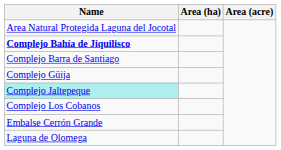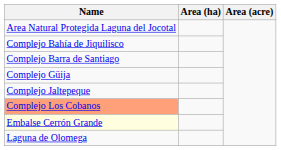 <table class="wikitable sortable">
 <tr>
 <th scope="col" align=left>Name</th>
 <th scope="col">Area (ha)</th>
 <th scope="col">Area (acre)</th>
 </tr>
 <tr ---->
 <td><a href='#'>Area Natural Protegida Laguna del Jocotal</a></td>
 <td></td>
 </tr>
 <tr ---->
-<td><strong><a href='#'>Complejo Bahía de Jiquilisco</a></strong></td>
+<td><a href='#'>Complejo Bahía de Jiquilisco</a></td>
 <td></td>
 </tr>
 <tr ---->
 <td><a href='#'>Complejo Barra de Santiago</a></td>
 <td></td>
 </tr>
 <tr ---->
 <td><a href='#'>Complejo Güija</a></td>
 <td></td>
 </tr>
 <tr ---->
-<td style="background: paleturquoise;"><a href='#'>Complejo Jaltepeque</a></td>
+<td><a href='#'>Complejo Jaltepeque</a></td>
 <td></td>
 </tr>
 <tr ---->
-<td><a href='#'>Complejo Los Cobanos</a></td>
+<td style="background: lightsalmon;"><a href='#'>Complejo Los Cobanos</a></td>
 <td></td>
 </tr>
 <tr ---->
-<td><a href='#'>Embalse Cerrón Grande</a></td>
+<td style="background: lightyellow;"><a href='#'>Embalse Cerrón Grande</a></td>
 <td></td>
 </tr>
 <tr ---->
 <td><a href='#'>Laguna de Olomega</a></td>
 <td></td>
 </tr>
 </table>
